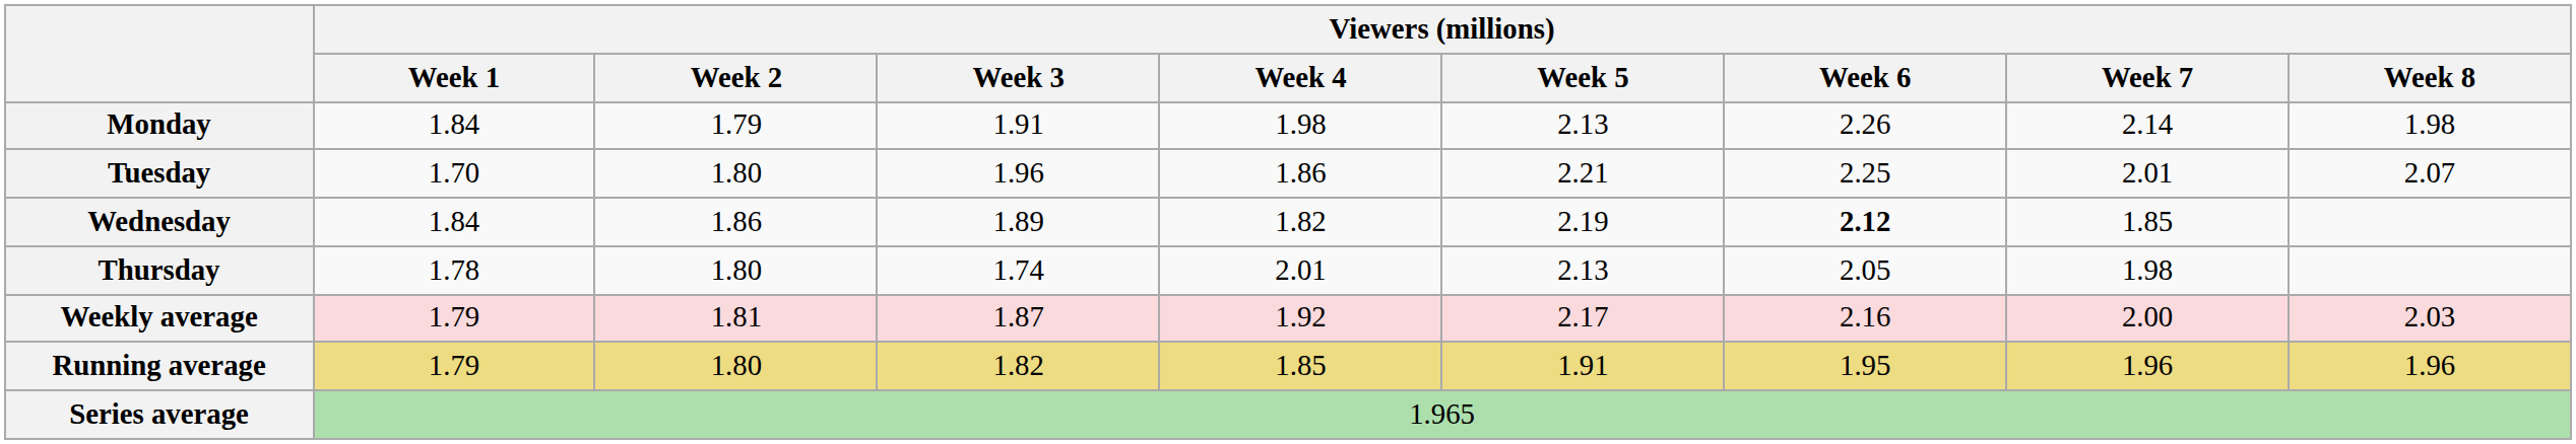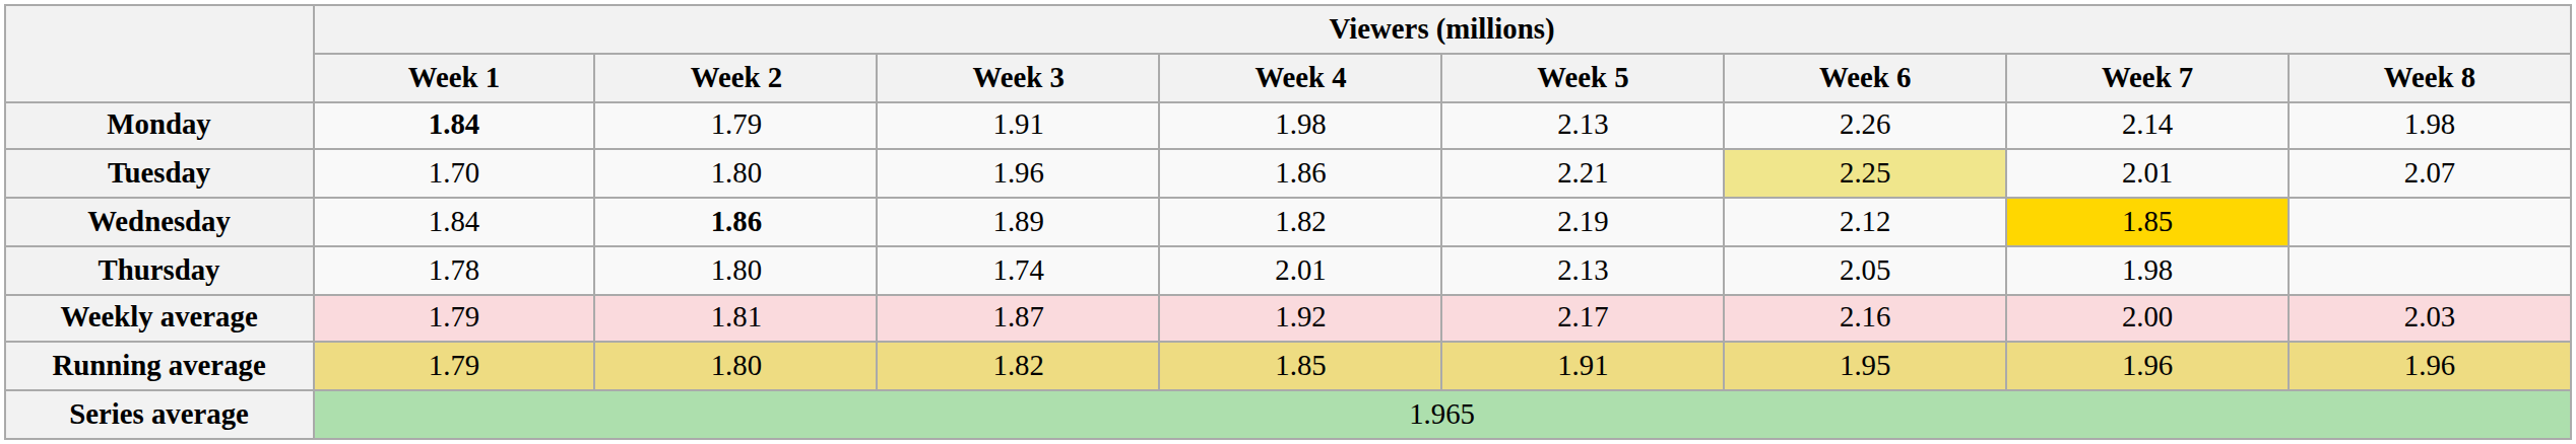 <table class="wikitable" style="font-size:90%; text-align:center; width: 100%; margin-left: auto; margin-right: auto;">
 <tr>
 <th scope="col" rowspan="2" style="width:12%;"></th>
 <th scope=col colspan=9>Viewers (millions)</th>
 </tr>
 <tr>
 <th>Week 1</th>
 <th>Week 2</th>
 <th>Week 3</th>
 <th>Week 4</th>
 <th>Week 5</th>
 <th>Week 6</th>
 <th>Week 7</th>
 <th>Week 8</th>
 </tr>
 <tr>
 </tr>
 <tr>
 <th>Monday</th>
-<td>1.84</td>
+<td><strong>1.84</strong></td>
 <td>1.79</td>
 <td>1.91</td>
 <td>1.98 </td>
 <td>2.13</td>
 <td>2.26</td>
 <td>2.14</td>
 <td>1.98</td>
 </tr>
 <tr>
 <th>Tuesday</th>
 <td>1.70</td>
 <td>1.80</td>
 <td>1.96</td>
 <td>1.86 </td>
 <td>2.21</td>
-<td>2.25</td>
+<td style="background: khaki;">2.25</td>
 <td>2.01</td>
 <td>2.07</td>
 </tr>
 <tr>
 <th>Wednesday</th>
 <td>1.84</td>
-<td>1.86</td>
+<td><strong>1.86</strong></td>
 <td>1.89</td>
 <td>1.82</td>
 <td>2.19</td>
-<td><strong>2.12</strong></td>
-<td>1.85</td>
+<td>2.12</td>
+<td style="background: gold;">1.85</td>
 <td></td>
 </tr>
 <tr>
 <th>Thursday</th>
 <td>1.78</td>
 <td>1.80</td>
 <td>1.74</td>
 <td>2.01 </td>
 <td>2.13</td>
 <td>2.05</td>
 <td>1.98</td>
 <td></td>
 </tr>
 <tr>
 <th>Weekly average</th>
 <td style="background:#FADADD;">1.79</td>
 <td style="background:#FADADD;">1.81</td>
 <td style="background:#FADADD;">1.87</td>
 <td style="background:#FADADD;">1.92</td>
 <td style="background:#FADADD;">2.17</td>
 <td style="background:#FADADD;">2.16</td>
 <td style="background:#FADADD;">2.00</td>
 <td style="background:#FADADD;">2.03</td>
 </tr>
 <tr>
 <th>Running average</th>
 <td style="background:#EEDC82;">1.79</td>
 <td style="background:#EEDC82;">1.80</td>
 <td style="background:#EEDC82;">1.82</td>
 <td style="background:#EEDC82;">1.85</td>
 <td style="background:#EEDC82;">1.91</td>
 <td style="background:#EEDC82;">1.95</td>
 <td style="background:#EEDC82;">1.96</td>
 <td style="background:#EEDC82;">1.96</td>
 </tr>
 <tr>
 <th>Series average</th>
 <td colspan="8" style="background:#ADDFAD;">1.965</td>
 </tr>
 </table>
